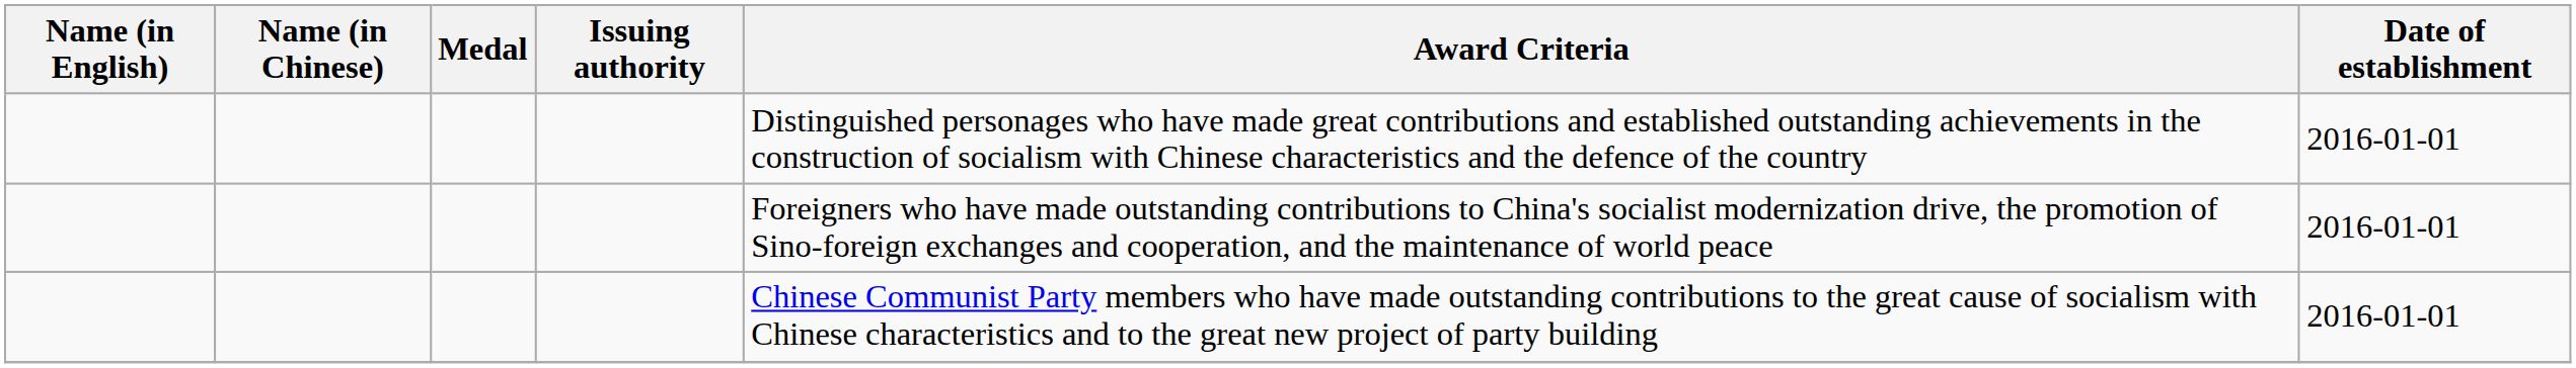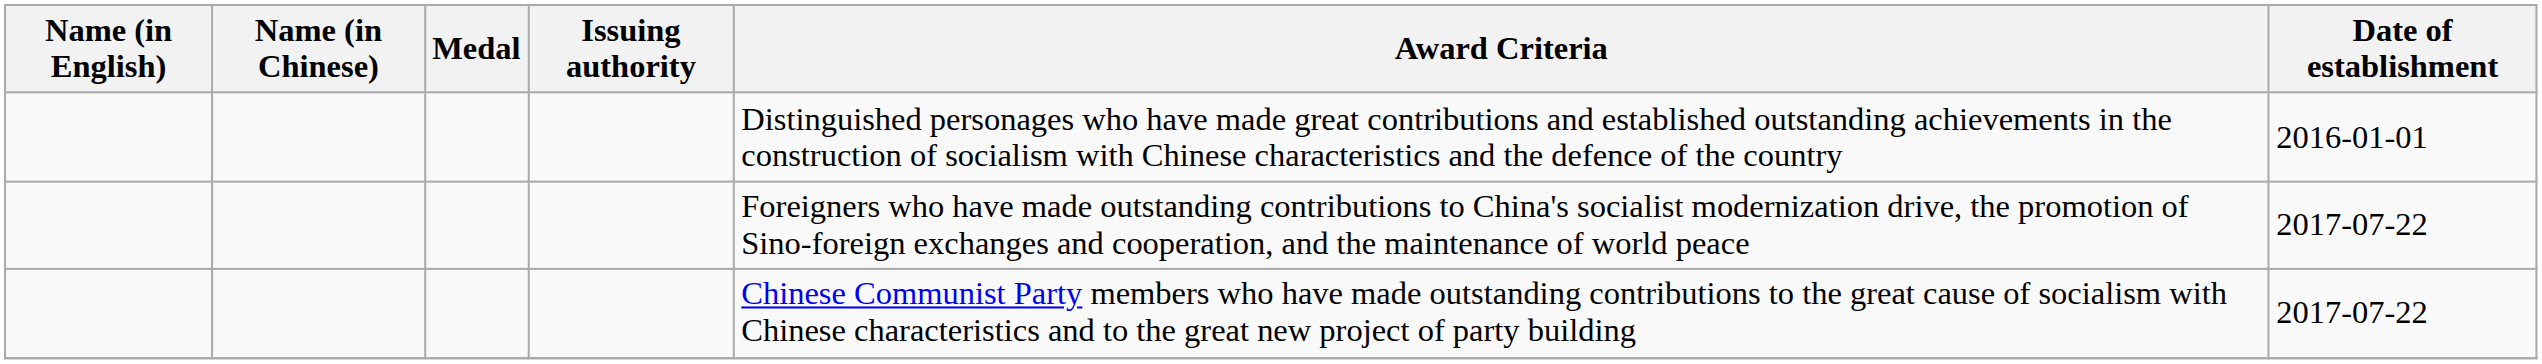 <table class="wikitable sortable">
 <tr>
 <th>Name (in English)</th>
 <th>Name (in Chinese)</th>
 <th>Medal</th>
 <th>Issuing authority</th>
 <th>Award Criteria</th>
 <th>Date of establishment</th>
 </tr>
 <tr>
 <td></td>
 <td></td>
 <td></td>
 <td></td>
 <td>Distinguished personages who have made great contributions and established outstanding achievements in the construction of socialism with Chinese characteristics and the defence of the country</td>
 <td>2016-01-01</td>
 </tr>
 <tr>
 <td></td>
 <td></td>
 <td></td>
 <td></td>
 <td>Foreigners who have made outstanding contributions to China's socialist modernization drive, the promotion of Sino-foreign exchanges and cooperation, and the maintenance of world peace</td>
-<td>2016-01-01</td>
+<td>2017-07-22</td>
 </tr>
 <tr>
 <td></td>
 <td></td>
 <td></td>
 <td></td>
 <td><a href='#'>Chinese Communist Party</a> members who have made outstanding contributions to the great cause of socialism with Chinese characteristics and to the great new project of party building</td>
-<td>2016-01-01</td>
+<td>2017-07-22</td>
 </tr>
 <tr>
 </tr>
 </table>
